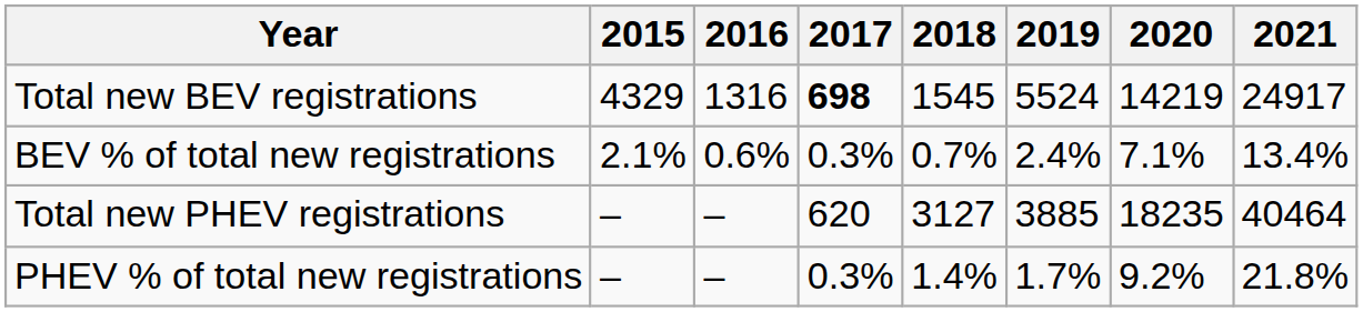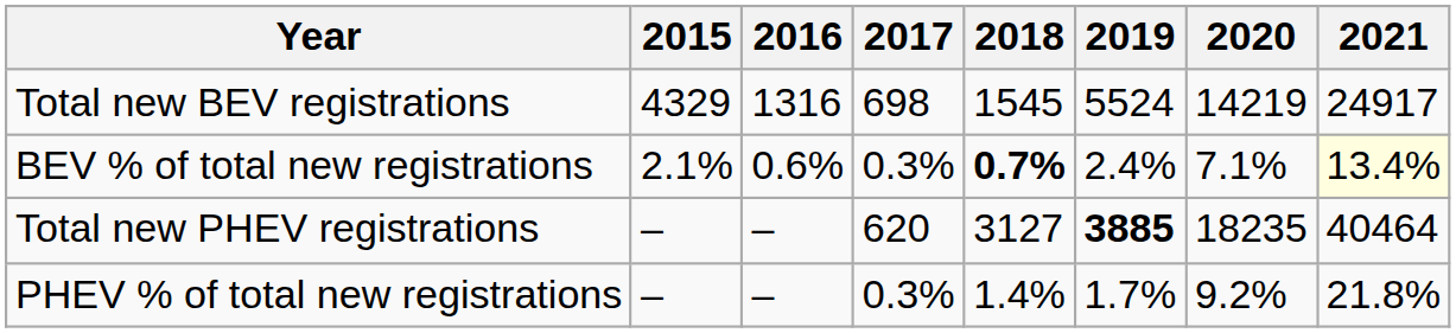 <table class="wikitable">
 <tr>
 <th>Year</th>
 <th>2015</th>
 <th>2016</th>
 <th>2017</th>
 <th>2018</th>
 <th>2019</th>
 <th>2020</th>
 <th>2021</th>
 </tr>
 <tr>
 <td>Total new BEV registrations</td>
 <td>4329</td>
 <td>1316</td>
-<td><strong>698</strong></td>
+<td>698</td>
 <td>1545</td>
 <td>5524</td>
 <td>14219</td>
 <td>24917</td>
 </tr>
 <tr>
 <td>BEV % of total new registrations</td>
 <td>2.1%</td>
 <td>0.6%</td>
 <td>0.3%</td>
-<td>0.7%</td>
+<td><strong>0.7%</strong></td>
 <td>2.4%</td>
 <td>7.1%</td>
-<td>13.4%</td>
+<td style="background: lightyellow;">13.4%</td>
 </tr>
 <tr>
 <td>Total new PHEV registrations</td>
 <td>–</td>
 <td>–</td>
 <td>620</td>
 <td>3127</td>
-<td>3885</td>
+<td><strong>3885</strong></td>
 <td>18235</td>
 <td>40464</td>
 </tr>
 <tr>
 <td>PHEV % of total new registrations</td>
 <td>–</td>
 <td>–</td>
 <td>0.3%</td>
 <td>1.4%</td>
 <td>1.7%</td>
 <td>9.2%</td>
 <td>21.8%</td>
 </tr>
 </table>
